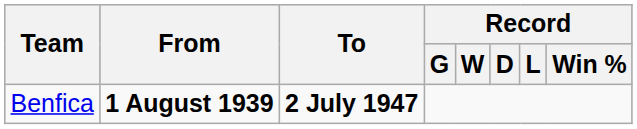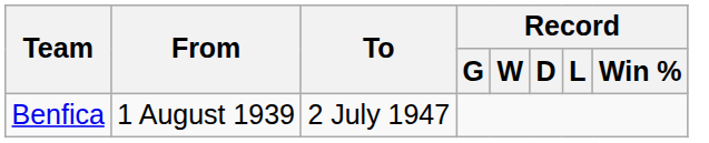 <table class="wikitable" style="text-align: center">
 <tr>
 <th rowspan="2">Team</th>
 <th rowspan="2">From</th>
 <th rowspan="2">To</th>
 <th colspan="8">Record</th>
 </tr>
 <tr>
 <th>G</th>
 <th>W</th>
 <th>D</th>
 <th>L</th>
 <th>Win %</th>
 </tr>
 <tr>
 <td align="left"><a href='#'>Benfica</a></td>
-<td align="left"><strong>1 August 1939</strong></td>
-<td align="left"><strong>2 July 1947<br></strong></td>
+<td align="left">1 August 1939</td>
+<td align="left">2 July 1947<br></td>
 </tr>
 </table>
